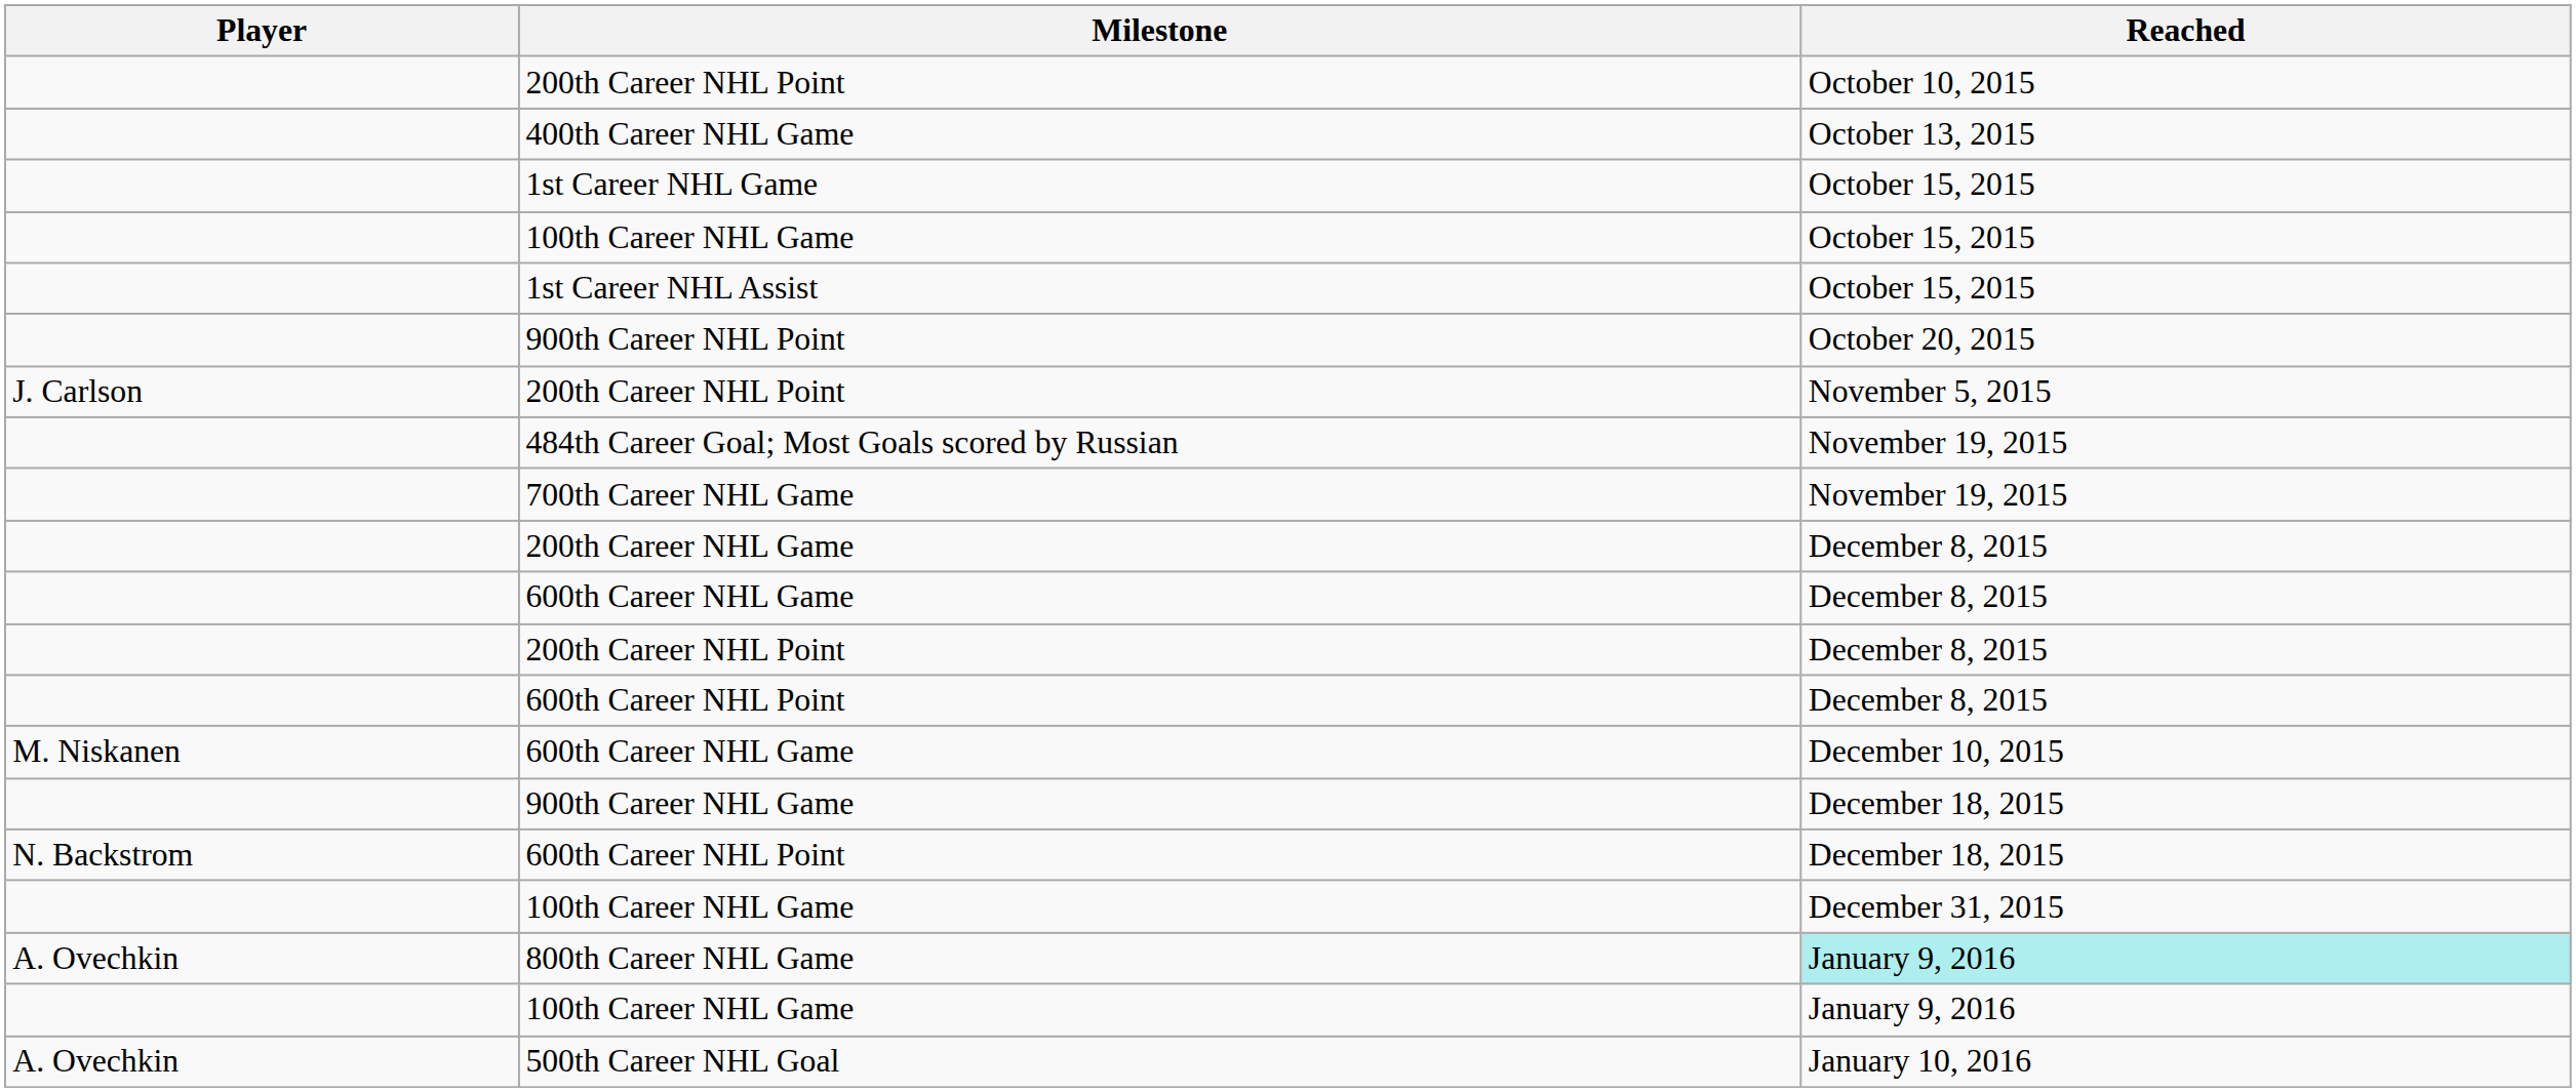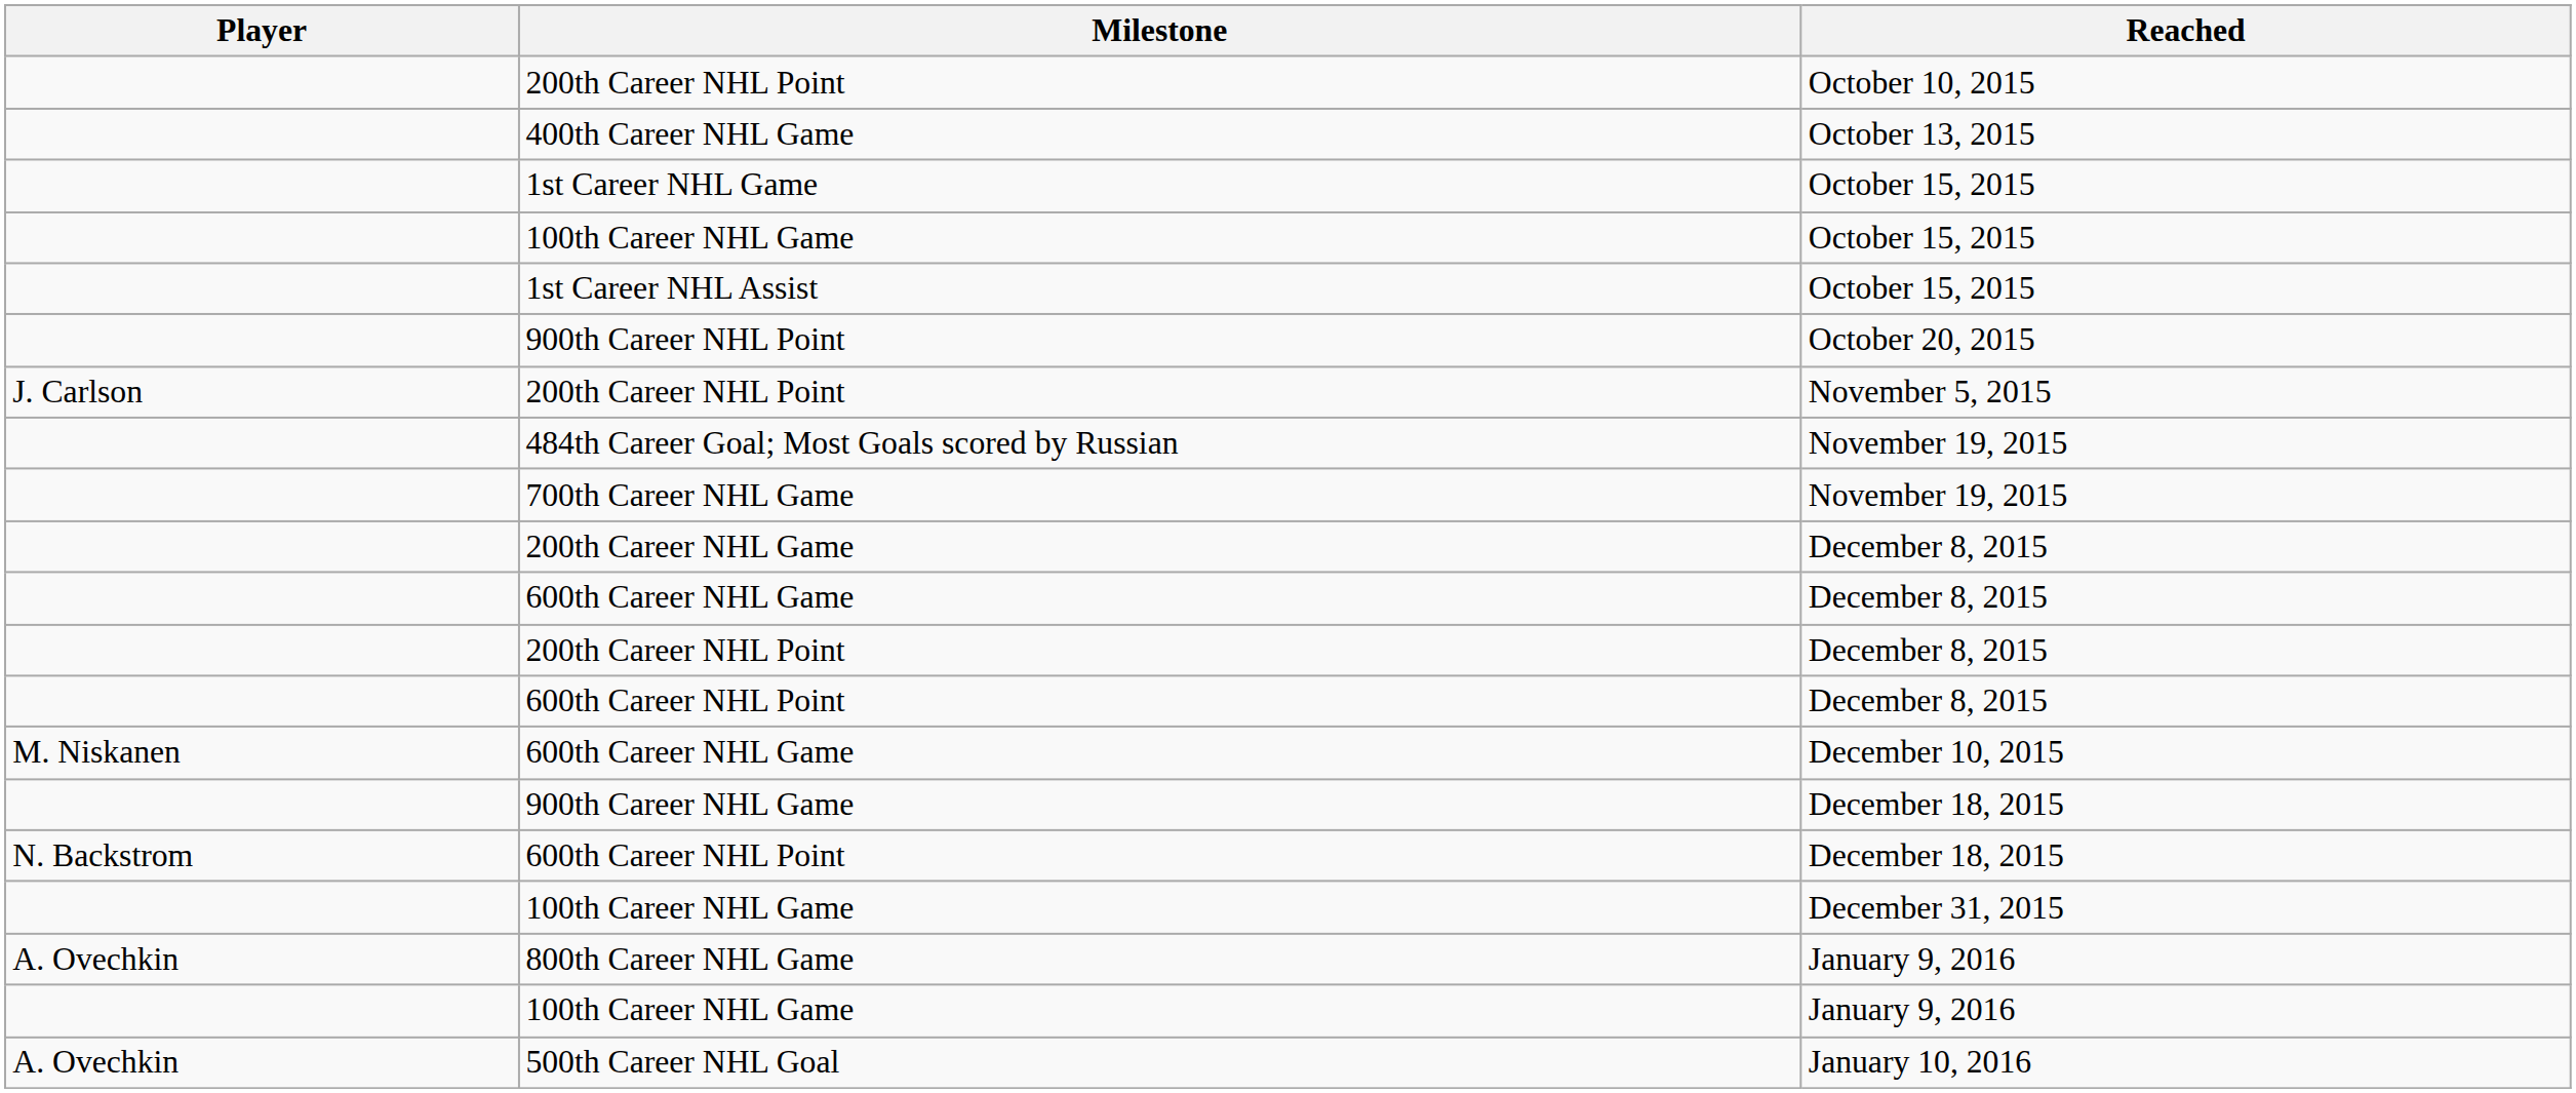 <table class="wikitable sortable" style="width:100%;">
 <tr align=center>
 <th style="width:20%;">Player</th>
 <th style="width:50%;">Milestone</th>
 <th style="width:30%;" data-sort-type="date">Reached</th>
 </tr>
 <tr>
 <td></td>
 <td>200th Career NHL Point</td>
 <td>October 10, 2015</td>
 </tr>
 <tr>
 <td></td>
 <td>400th Career NHL Game</td>
 <td>October 13, 2015</td>
 </tr>
 <tr>
 <td></td>
 <td>1st Career NHL Game</td>
 <td>October 15, 2015</td>
 </tr>
 <tr>
 <td></td>
 <td>100th Career NHL Game</td>
 <td>October 15, 2015</td>
 </tr>
 <tr>
 <td></td>
 <td>1st Career NHL Assist</td>
 <td>October 15, 2015</td>
 </tr>
 <tr>
 <td></td>
 <td>900th Career NHL Point</td>
 <td>October 20, 2015</td>
 </tr>
 <tr>
 <td>J. Carlson</td>
 <td>200th Career NHL Point</td>
 <td>November 5, 2015</td>
 </tr>
 <tr>
 <td></td>
 <td>484th Career Goal; Most Goals scored by Russian</td>
 <td>November 19, 2015</td>
 </tr>
 <tr>
 <td></td>
 <td>700th Career NHL Game</td>
 <td>November 19, 2015</td>
 </tr>
 <tr>
 <td></td>
 <td>200th Career NHL Game</td>
 <td>December 8, 2015</td>
 </tr>
 <tr>
 <td></td>
 <td>600th Career NHL Game</td>
 <td>December 8, 2015</td>
 </tr>
 <tr>
 <td></td>
 <td>200th Career NHL Point</td>
 <td>December 8, 2015</td>
 </tr>
 <tr>
 <td></td>
 <td>600th Career NHL Point</td>
 <td>December 8, 2015</td>
 </tr>
 <tr>
 <td>M. Niskanen</td>
 <td>600th Career NHL Game</td>
 <td>December 10, 2015</td>
 </tr>
 <tr>
 <td></td>
 <td>900th Career NHL Game</td>
 <td>December 18, 2015</td>
 </tr>
 <tr>
 <td>N. Backstrom</td>
 <td>600th Career NHL Point</td>
 <td>December 18, 2015</td>
 </tr>
 <tr>
 <td></td>
 <td>100th Career NHL Game</td>
 <td>December 31, 2015</td>
 </tr>
 <tr>
 <td>A. Ovechkin</td>
 <td>800th Career NHL Game</td>
-<td style="background: paleturquoise;">January 9, 2016</td>
+<td>January 9, 2016</td>
 </tr>
 <tr>
 <td></td>
 <td>100th Career NHL Game</td>
 <td>January 9, 2016</td>
 </tr>
 <tr>
 <td>A. Ovechkin</td>
 <td>500th Career NHL Goal</td>
 <td>January 10, 2016</td>
 </tr>
 </table>
